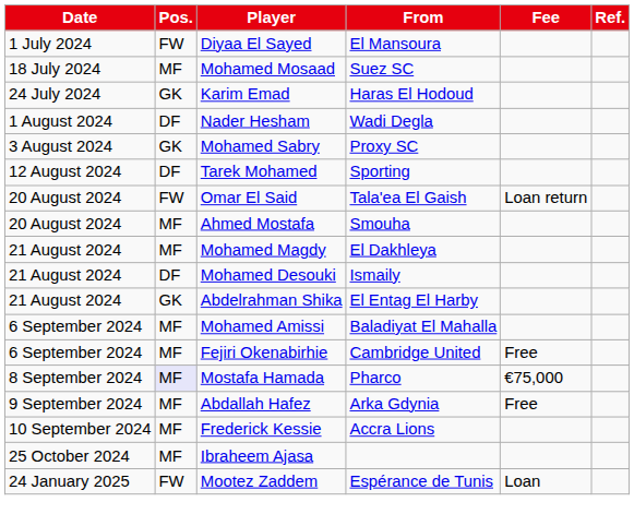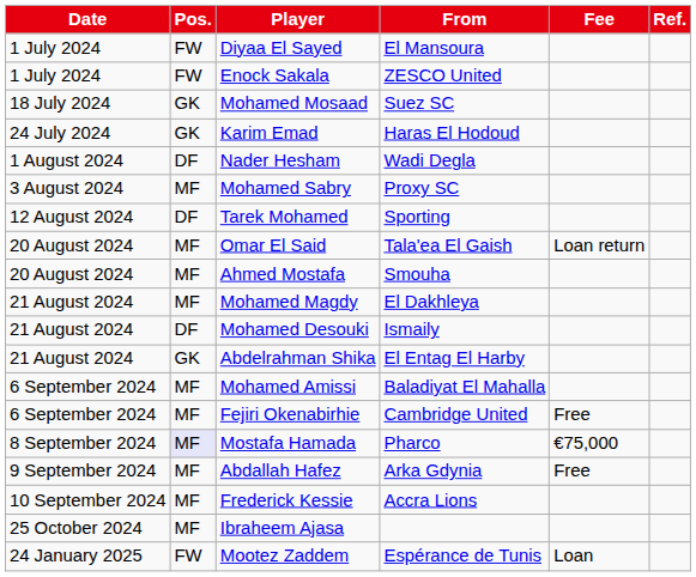 <table class="wikitable plainrowheaders sortable">
 <tr>
 <th style="background:#e6000f; color:#ffffff; ">Date</th>
 <th style="background:#e6000f; color:#ffffff; ">Pos.</th>
 <th style="background:#e6000f; color:#ffffff; ">Player</th>
 <th style="background:#e6000f; color:#ffffff; ">From</th>
 <th style="background:#e6000f; color:#ffffff; ">Fee</th>
 <th style="background:#e6000f; color:#ffffff; ">Ref.</th>
 </tr>
 <tr>
 <td>1 July 2024</td>
 <td>FW</td>
 <td> <a href='#'>Diyaa El Sayed</a></td>
 <td> <a href='#'>El Mansoura</a></td>
 <td></td>
 <td></td>
 </tr>
 <tr>
+<td>1 July 2024</td>
+<td>FW</td>
+<td> <a href='#'>Enock Sakala</a></td>
+<td> <a href='#'>ZESCO United</a></td>
+<td></td>
+<td></td>
+</tr>
+<tr>
 <td>18 July 2024</td>
-<td>MF</td>
+<td>GK</td>
 <td> <a href='#'>Mohamed Mosaad</a></td>
 <td> <a href='#'>Suez SC</a></td>
 <td></td>
 <td></td>
 </tr>
 <tr>
 <td>24 July 2024</td>
 <td>GK</td>
 <td> <a href='#'>Karim Emad</a></td>
 <td> <a href='#'>Haras El Hodoud</a></td>
 <td></td>
 <td></td>
 </tr>
 <tr>
 <td>1 August 2024</td>
 <td>DF</td>
 <td> <a href='#'>Nader Hesham</a></td>
 <td> <a href='#'>Wadi Degla</a></td>
 <td></td>
 <td></td>
 </tr>
 <tr>
 <td>3 August 2024</td>
-<td>GK</td>
+<td>MF</td>
 <td> <a href='#'>Mohamed Sabry</a></td>
 <td> <a href='#'>Proxy SC</a></td>
 <td></td>
 <td></td>
 </tr>
 <tr>
 <td>12 August 2024</td>
 <td>DF</td>
 <td> <a href='#'>Tarek Mohamed</a></td>
 <td> <a href='#'>Sporting</a></td>
 <td></td>
 <td></td>
 </tr>
 <tr>
 <td>20 August 2024</td>
-<td>FW</td>
+<td>MF</td>
 <td> <a href='#'>Omar El Said</a></td>
 <td> <a href='#'>Tala'ea El Gaish</a></td>
 <td>Loan return</td>
 <td></td>
 </tr>
 <tr>
 <td>20 August 2024</td>
 <td>MF</td>
 <td> <a href='#'>Ahmed Mostafa</a></td>
 <td> <a href='#'>Smouha</a></td>
 <td></td>
 <td></td>
 </tr>
 <tr>
 <td>21 August 2024</td>
 <td>MF</td>
 <td> <a href='#'>Mohamed Magdy</a></td>
 <td> <a href='#'>El Dakhleya</a></td>
 <td></td>
 <td></td>
 </tr>
 <tr>
 <td>21 August 2024</td>
 <td>DF</td>
 <td> <a href='#'>Mohamed Desouki</a></td>
 <td> <a href='#'>Ismaily</a></td>
 <td></td>
 <td></td>
 </tr>
 <tr>
 <td>21 August 2024</td>
 <td>GK</td>
 <td> <a href='#'>Abdelrahman Shika</a></td>
 <td> <a href='#'>El Entag El Harby</a></td>
 <td></td>
 <td></td>
 </tr>
 <tr>
 <td>6 September 2024</td>
 <td>MF</td>
 <td> <a href='#'>Mohamed Amissi</a></td>
 <td> <a href='#'>Baladiyat El Mahalla</a></td>
 <td></td>
 <td></td>
 </tr>
 <tr>
 <td>6 September 2024</td>
 <td>MF</td>
 <td> <a href='#'>Fejiri Okenabirhie</a></td>
 <td> <a href='#'>Cambridge United</a></td>
 <td>Free</td>
 <td></td>
 </tr>
 <tr>
 <td>8 September 2024</td>
 <td style="background: lavender;">MF</td>
 <td> <a href='#'>Mostafa Hamada</a></td>
 <td> <a href='#'>Pharco</a></td>
 <td>€75,000</td>
 <td></td>
 </tr>
 <tr>
 <td>9 September 2024</td>
 <td>MF</td>
 <td> <a href='#'>Abdallah Hafez</a></td>
 <td> <a href='#'>Arka Gdynia</a></td>
 <td>Free</td>
 <td></td>
 </tr>
 <tr>
 <td>10 September 2024</td>
 <td>MF</td>
 <td> <a href='#'>Frederick Kessie</a></td>
 <td> <a href='#'>Accra Lions</a></td>
 <td></td>
 <td></td>
 </tr>
 <tr>
 <td>25 October 2024</td>
 <td>MF</td>
 <td> <a href='#'>Ibraheem Ajasa</a></td>
 <td></td>
 <td></td>
 <td></td>
 </tr>
 <tr>
 <td>24 January 2025</td>
 <td>FW</td>
 <td> <a href='#'>Mootez Zaddem</a></td>
 <td> <a href='#'>Espérance de Tunis</a></td>
 <td>Loan</td>
 <td></td>
 </tr>
 </table>
